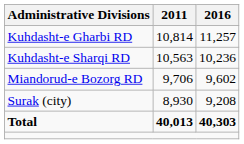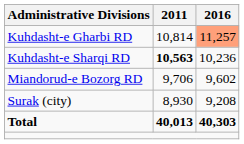 <table class="wikitable">
 <tr>
 <th>Administrative Divisions</th>
 <th>2011</th>
 <th>2016</th>
 </tr>
 <tr>
 <td><a href='#'>Kuhdasht-e Gharbi RD</a></td>
 <td style="text-align: right;">10,814</td>
-<td style="text-align: right;">11,257</td>
+<td style="background: lightsalmon; text-align: right;">11,257</td>
 </tr>
 <tr>
 <td><a href='#'>Kuhdasht-e Sharqi RD</a></td>
-<td style="text-align: right;">10,563</td>
+<td style="text-align: right;"><strong>10,563</strong></td>
 <td style="text-align: right;">10,236</td>
 </tr>
 <tr>
 <td><a href='#'>Miandorud-e Bozorg RD</a></td>
 <td style="text-align: right;">9,706</td>
 <td style="text-align: right;">9,602</td>
 </tr>
 <tr>
 <td><a href='#'>Surak</a> (city)</td>
 <td style="text-align: right;">8,930</td>
 <td style="text-align: right;">9,208</td>
 </tr>
 <tr>
 <td><strong>Total</strong></td>
 <td style="text-align: right;"><strong>40,013</strong></td>
 <td style="text-align: right;"><strong>40,303</strong></td>
 </tr>
 <tr>
 <td colspan=3></td>
 </tr>
 </table>
